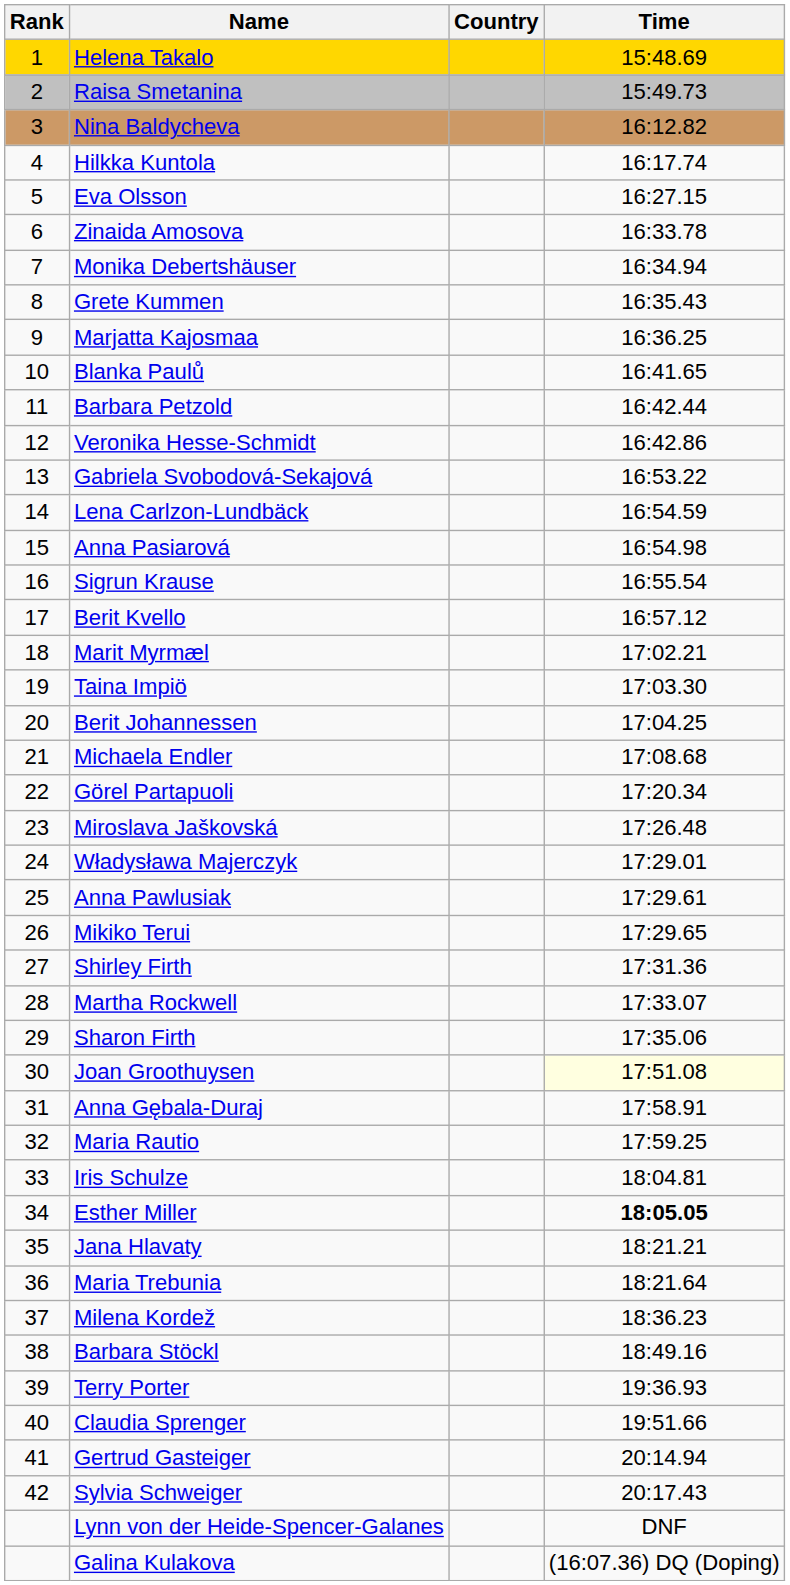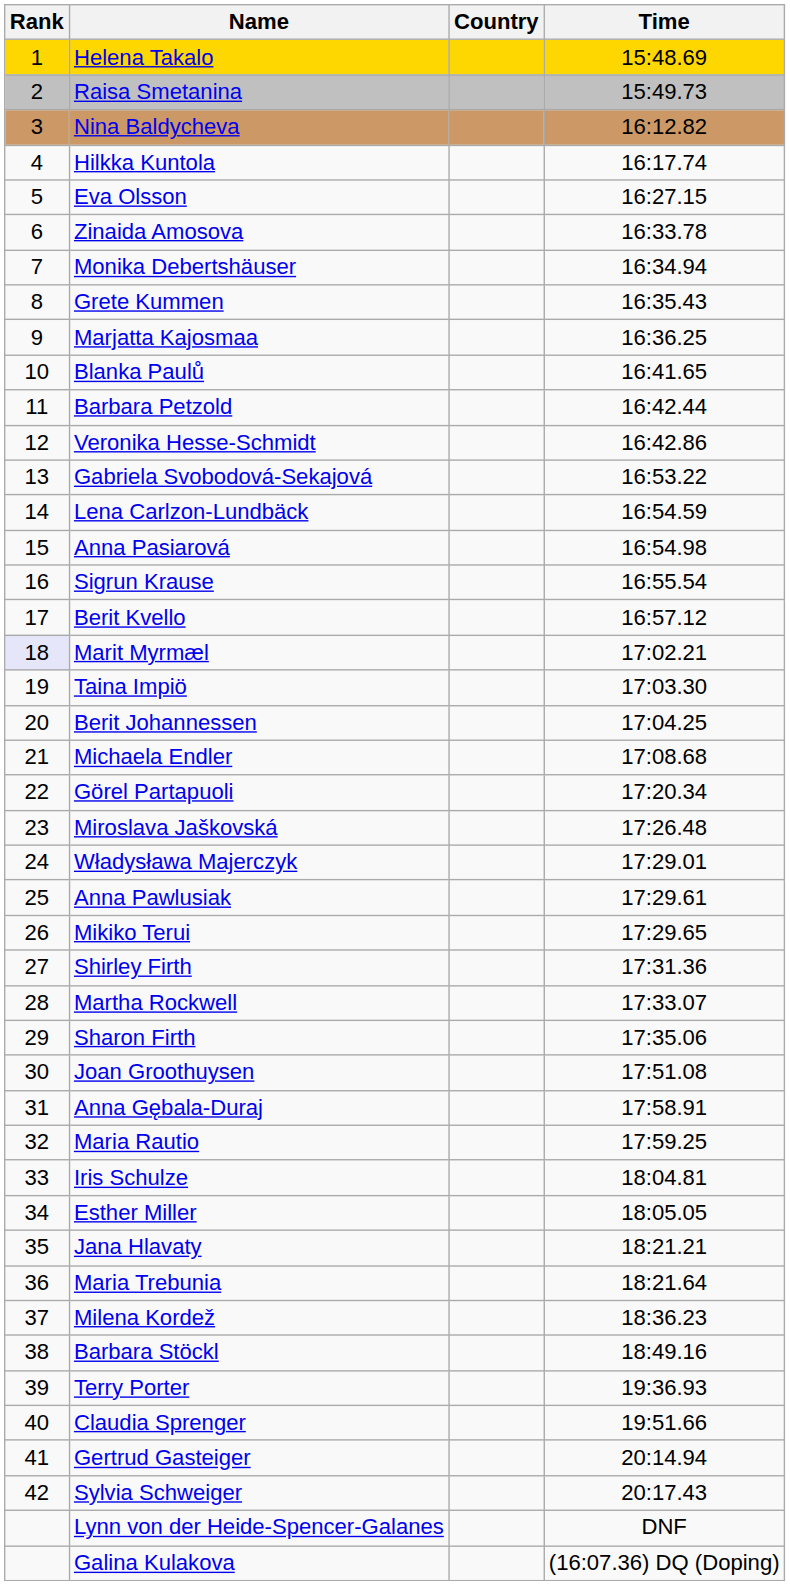 <table class="wikitable sortable" style="text-align:center">
 <tr>
 <th>Rank</th>
 <th>Name</th>
 <th>Country</th>
 <th>Time</th>
 </tr>
 <tr bgcolor=gold>
 <td>1</td>
 <td align="left"><a href='#'>Helena Takalo</a></td>
 <td align="left"></td>
 <td>15:48.69</td>
 </tr>
 <tr bgcolor=silver>
 <td>2</td>
 <td align="left"><a href='#'>Raisa Smetanina</a></td>
 <td align="left"></td>
 <td>15:49.73</td>
 </tr>
 <tr bgcolor=#CC9966>
 <td>3</td>
 <td align="left"><a href='#'>Nina Baldycheva</a></td>
 <td align="left"></td>
 <td>16:12.82</td>
 </tr>
 <tr>
 <td>4</td>
 <td align="left"><a href='#'>Hilkka Kuntola</a></td>
 <td align="left"></td>
 <td>16:17.74</td>
 </tr>
 <tr>
 <td>5</td>
 <td align="left"><a href='#'>Eva Olsson</a></td>
 <td align="left"></td>
 <td>16:27.15</td>
 </tr>
 <tr>
 <td>6</td>
 <td align="left"><a href='#'>Zinaida Amosova</a></td>
 <td align="left"></td>
 <td>16:33.78</td>
 </tr>
 <tr>
 <td>7</td>
 <td align="left"><a href='#'>Monika Debertshäuser</a></td>
 <td align="left"></td>
 <td>16:34.94</td>
 </tr>
 <tr>
 <td>8</td>
 <td align="left"><a href='#'>Grete Kummen</a></td>
 <td align="left"></td>
 <td>16:35.43</td>
 </tr>
 <tr>
 <td>9</td>
 <td align="left"><a href='#'>Marjatta Kajosmaa</a></td>
 <td align="left"></td>
 <td>16:36.25</td>
 </tr>
 <tr>
 <td>10</td>
 <td align="left"><a href='#'>Blanka Paulů</a></td>
 <td align="left"></td>
 <td>16:41.65</td>
 </tr>
 <tr>
 <td>11</td>
 <td align="left"><a href='#'>Barbara Petzold</a></td>
 <td align="left"></td>
 <td>16:42.44</td>
 </tr>
 <tr>
 <td>12</td>
 <td align="left"><a href='#'>Veronika Hesse-Schmidt</a></td>
 <td align="left"></td>
 <td>16:42.86</td>
 </tr>
 <tr>
 <td>13</td>
 <td align="left"><a href='#'>Gabriela Svobodová-Sekajová</a></td>
 <td align="left"></td>
 <td>16:53.22</td>
 </tr>
 <tr>
 <td>14</td>
 <td align="left"><a href='#'>Lena Carlzon-Lundbäck</a></td>
 <td align="left"></td>
 <td>16:54.59</td>
 </tr>
 <tr>
 <td>15</td>
 <td align="left"><a href='#'>Anna Pasiarová</a></td>
 <td align="left"></td>
 <td>16:54.98</td>
 </tr>
 <tr>
 <td>16</td>
 <td align="left"><a href='#'>Sigrun Krause</a></td>
 <td align="left"></td>
 <td>16:55.54</td>
 </tr>
 <tr>
 <td>17</td>
 <td align="left"><a href='#'>Berit Kvello</a></td>
 <td align="left"></td>
 <td>16:57.12</td>
 </tr>
 <tr>
-<td>18</td>
+<td style="background: lavender;">18</td>
 <td align="left"><a href='#'>Marit Myrmæl</a></td>
 <td align="left"></td>
 <td>17:02.21</td>
 </tr>
 <tr>
 <td>19</td>
 <td align="left"><a href='#'>Taina Impiö</a></td>
 <td align="left"></td>
 <td>17:03.30</td>
 </tr>
 <tr>
 <td>20</td>
 <td align="left"><a href='#'>Berit Johannessen</a></td>
 <td align="left"></td>
 <td>17:04.25</td>
 </tr>
 <tr>
 <td>21</td>
 <td align="left"><a href='#'>Michaela Endler</a></td>
 <td align="left"></td>
 <td>17:08.68</td>
 </tr>
 <tr>
 <td>22</td>
 <td align="left"><a href='#'>Görel Partapuoli</a></td>
 <td align="left"></td>
 <td>17:20.34</td>
 </tr>
 <tr>
 <td>23</td>
 <td align="left"><a href='#'>Miroslava Jaškovská</a></td>
 <td align="left"></td>
 <td>17:26.48</td>
 </tr>
 <tr>
 <td>24</td>
 <td align="left"><a href='#'>Władysława Majerczyk</a></td>
 <td align="left"></td>
 <td>17:29.01</td>
 </tr>
 <tr>
 <td>25</td>
 <td align="left"><a href='#'>Anna Pawlusiak</a></td>
 <td align="left"></td>
 <td>17:29.61</td>
 </tr>
 <tr>
 <td>26</td>
 <td align="left"><a href='#'>Mikiko Terui</a></td>
 <td align="left"></td>
 <td>17:29.65</td>
 </tr>
 <tr>
 <td>27</td>
 <td align="left"><a href='#'>Shirley Firth</a></td>
 <td align="left"></td>
 <td>17:31.36</td>
 </tr>
 <tr>
 <td>28</td>
 <td align="left"><a href='#'>Martha Rockwell</a></td>
 <td align="left"></td>
 <td>17:33.07</td>
 </tr>
 <tr>
 <td>29</td>
 <td align="left"><a href='#'>Sharon Firth</a></td>
 <td align="left"></td>
 <td>17:35.06</td>
 </tr>
 <tr>
 <td>30</td>
 <td align="left"><a href='#'>Joan Groothuysen</a></td>
 <td align="left"></td>
-<td style="background: lightyellow;">17:51.08</td>
+<td>17:51.08</td>
 </tr>
 <tr>
 <td>31</td>
 <td align="left"><a href='#'>Anna Gębala-Duraj</a></td>
 <td align="left"></td>
 <td>17:58.91</td>
 </tr>
 <tr>
 <td>32</td>
 <td align="left"><a href='#'>Maria Rautio</a></td>
 <td align="left"></td>
 <td>17:59.25</td>
 </tr>
 <tr>
 <td>33</td>
 <td align="left"><a href='#'>Iris Schulze</a></td>
 <td align="left"></td>
 <td>18:04.81</td>
 </tr>
 <tr>
 <td>34</td>
 <td align="left"><a href='#'>Esther Miller</a></td>
 <td align="left"></td>
-<td><strong>18:05.05</strong></td>
+<td>18:05.05</td>
 </tr>
 <tr>
 <td>35</td>
 <td align="left"><a href='#'>Jana Hlavaty</a></td>
 <td align="left"></td>
 <td>18:21.21</td>
 </tr>
 <tr>
 <td>36</td>
 <td align="left"><a href='#'>Maria Trebunia</a></td>
 <td align="left"></td>
 <td>18:21.64</td>
 </tr>
 <tr>
 <td>37</td>
 <td align="left"><a href='#'>Milena Kordež</a></td>
 <td align="left"></td>
 <td>18:36.23</td>
 </tr>
 <tr>
 <td>38</td>
 <td align="left"><a href='#'>Barbara Stöckl</a></td>
 <td align="left"></td>
 <td>18:49.16</td>
 </tr>
 <tr>
 <td>39</td>
 <td align="left"><a href='#'>Terry Porter</a></td>
 <td align="left"></td>
 <td>19:36.93</td>
 </tr>
 <tr>
 <td>40</td>
 <td align="left"><a href='#'>Claudia Sprenger</a></td>
 <td align="left"></td>
 <td>19:51.66</td>
 </tr>
 <tr>
 <td>41</td>
 <td align="left"><a href='#'>Gertrud Gasteiger</a></td>
 <td align="left"></td>
 <td>20:14.94</td>
 </tr>
 <tr>
 <td>42</td>
 <td align="left"><a href='#'>Sylvia Schweiger</a></td>
 <td align="left"></td>
 <td>20:17.43</td>
 </tr>
 <tr>
 <td></td>
 <td align="left"><a href='#'>Lynn von der Heide-Spencer-Galanes</a></td>
 <td align="left"></td>
 <td>DNF</td>
 </tr>
 <tr>
 <td></td>
 <td align="left"><a href='#'>Galina Kulakova</a></td>
 <td align="left"></td>
 <td>(16:07.36) DQ (Doping)</td>
 </tr>
 </table>
